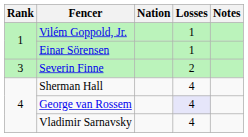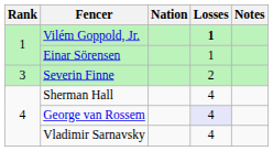 <table class="wikitable sortable" style="text-align:center">
 <tr>
 <th>Rank</th>
 <th>Fencer</th>
 <th>Nation</th>
 <th>Losses</th>
 <th>Notes</th>
 </tr>
 <tr bgcolor=bbf3bb>
 <td rowspan=2>1</td>
 <td align=left><a href='#'>Vilém Goppold, Jr.</a></td>
 <td align=left></td>
-<td>1</td>
+<td><strong>1</strong></td>
 <td></td>
 </tr>
 <tr bgcolor=bbf3bb>
 <td align=left><a href='#'>Einar Sörensen</a></td>
 <td align=left></td>
 <td>1</td>
 <td></td>
 </tr>
 <tr bgcolor=bbf3bb>
 <td>3</td>
 <td align=left><a href='#'>Severin Finne</a></td>
 <td align=left></td>
 <td>2</td>
 <td></td>
 </tr>
 <tr>
 <td rowspan=3>4</td>
 <td align=left>Sherman Hall</td>
 <td align=left></td>
 <td>4</td>
 <td></td>
 </tr>
 <tr>
 <td align=left><a href='#'>George van Rossem</a></td>
 <td align=left></td>
 <td style="background: lavender;">4</td>
 <td></td>
 </tr>
 <tr>
 <td align=left>Vladimir Sarnavsky</td>
 <td align=left></td>
 <td>4</td>
 <td></td>
 </tr>
 </table>
